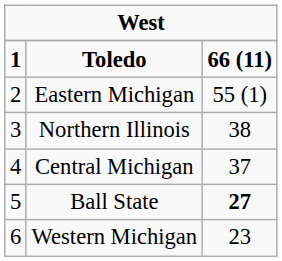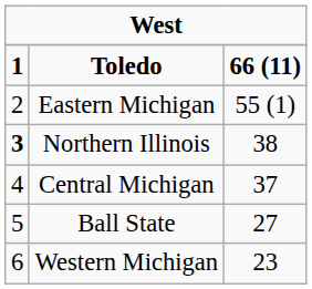 <table class="wikitable" style="display: inline-table;">
 <tr align="center">
 <td align="center" Colspan="3"><strong>West</strong></td>
 </tr>
 <tr align="center">
 </tr>
 <tr align="center">
 <td><strong>1</strong></td>
 <td><strong>Toledo</strong></td>
 <td><strong>66 (11)</strong></td>
 </tr>
 <tr align="center">
 <td>2</td>
 <td>Eastern Michigan</td>
 <td>55 (1)</td>
 </tr>
 <tr align="center">
-<td>3</td>
+<td><strong>3</strong></td>
 <td>Northern Illinois</td>
 <td>38</td>
 </tr>
 <tr align="center">
 <td>4</td>
 <td>Central Michigan</td>
 <td>37</td>
 </tr>
 <tr align="center">
 <td>5</td>
 <td>Ball State</td>
-<td><strong>27</strong></td>
+<td>27</td>
 </tr>
 <tr align="center">
 <td>6</td>
 <td>Western Michigan</td>
 <td>23</td>
 </tr>
 </table>
